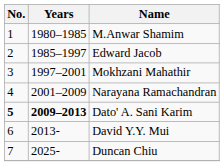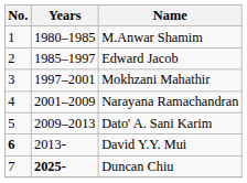 <table class="wikitable">
 <tr>
 <th>No.</th>
 <th>Years</th>
 <th>Name</th>
 </tr>
 <tr>
 <td>1</td>
 <td>1980–1985</td>
 <td> M.Anwar Shamim</td>
 </tr>
 <tr>
 <td>2</td>
 <td>1985–1997</td>
 <td> Edward Jacob</td>
 </tr>
 <tr>
 <td>3</td>
 <td>1997–2001</td>
 <td> Mokhzani Mahathir</td>
 </tr>
 <tr>
 <td>4</td>
 <td>2001–2009</td>
 <td> Narayana Ramachandran</td>
 </tr>
 <tr>
-<td><strong>5</strong></td>
-<td><strong>2009–2013</strong></td>
+<td>5</td>
+<td>2009–2013</td>
 <td> Dato' A. Sani Karim</td>
 </tr>
 <tr>
-<td>6</td>
+<td><strong>6</strong></td>
 <td>2013-</td>
 <td> David Y.Y. Mui</td>
 </tr>
 <tr>
 <td>7</td>
-<td>2025-</td>
+<td><strong>2025-</strong></td>
 <td> Duncan Chiu</td>
 </tr>
 <tr>
 </tr>
 </table>
